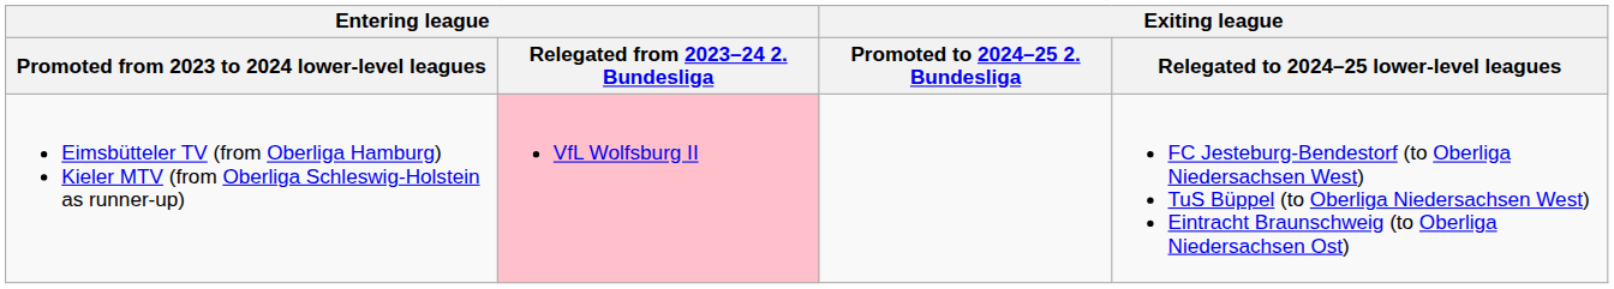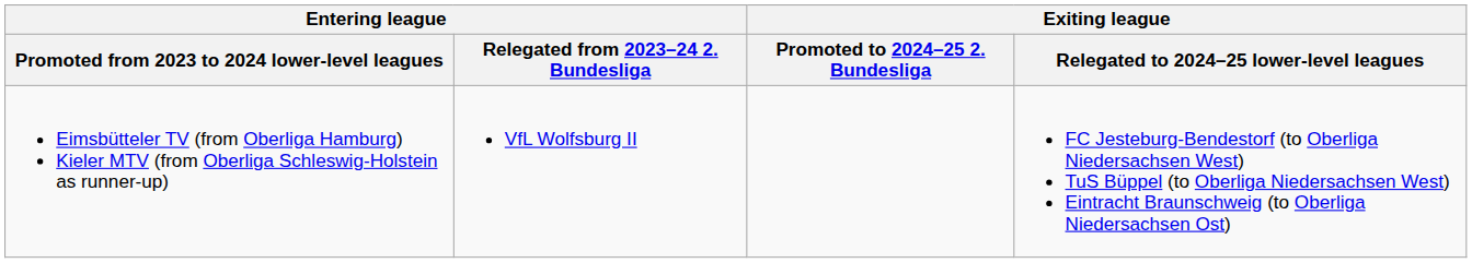 <table class="wikitable">
 <tr>
 <th colspan="2">Entering league</th>
 <th colspan="3">Exiting league</th>
 </tr>
 <tr>
 <th>Promoted from 2023 to 2024 lower-level leagues</th>
 <th>Relegated from <a href='#'>2023–24 2. Bundesliga</a></th>
 <th>Promoted to <a href='#'>2024–25 2. Bundesliga</a></th>
 <th colspan=2>Relegated to 2024–25 lower-level leagues</th>
 </tr>
 <tr style="vertical-align:top;">
 <td><br><ul><li><a href='#'>Eimsbütteler TV</a> (from <a href='#'>Oberliga Hamburg</a>)</li><li><a href='#'>Kieler MTV</a> (from <a href='#'>Oberliga Schleswig-Holstein</a> as runner-up)</li></ul></td>
-<td style="background: pink;"><br><ul><li><a href='#'>VfL Wolfsburg II</a></li></ul></td>
+<td><br><ul><li><a href='#'>VfL Wolfsburg II</a></li></ul></td>
 <td></td>
 <td><br><ul><li><a href='#'>FC Jesteburg-Bendestorf</a> (to <a href='#'>Oberliga Niedersachsen West</a>)</li><li><a href='#'>TuS Büppel</a> (to <a href='#'>Oberliga Niedersachsen West</a>)</li><li><a href='#'>Eintracht Braunschweig</a> (to <a href='#'>Oberliga Niedersachsen Ost</a>)</li></ul></td>
 </tr>
 </table>
